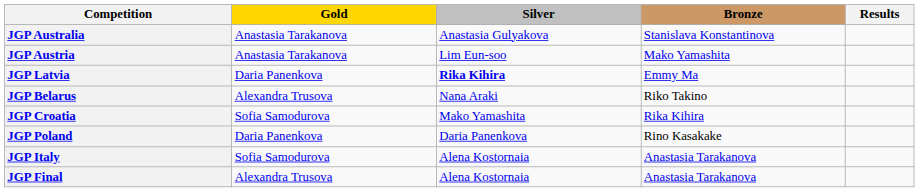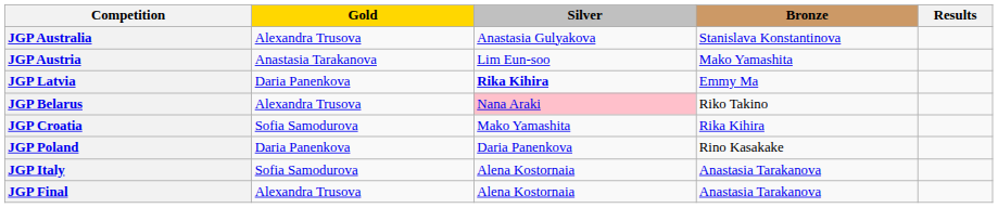 <table class="wikitable unsortable" style="text-align:left; width:90%">
 <tr>
 <th scope="col" style="text-align:center; width:25%;">Competition</th>
 <td scope="col" style="text-align:center; width:22.5%; background:gold"><strong>Gold</strong></td>
 <td scope="col" style="text-align:center; width:22.5%; background:silver"><strong>Silver</strong></td>
 <td scope="col" style="text-align:center; width:22.5%; background:#c96"><strong>Bronze</strong></td>
 <th scope="col" style="text-align:center; width:7.5%;">Results</th>
 </tr>
 <tr>
 <th scope="row" style="text-align:left"> <a href='#'>JGP Australia</a></th>
-<td> <a href='#'>Anastasia Tarakanova</a></td>
+<td> <a href='#'>Alexandra Trusova</a></td>
 <td> <a href='#'>Anastasia Gulyakova</a></td>
 <td> <a href='#'>Stanislava Konstantinova</a></td>
 <td></td>
 </tr>
 <tr>
 <th scope="row" style="text-align:left"> <a href='#'>JGP Austria</a></th>
 <td> <a href='#'>Anastasia Tarakanova</a></td>
 <td> <a href='#'>Lim Eun-soo</a></td>
 <td> <a href='#'>Mako Yamashita</a></td>
 <td></td>
 </tr>
 <tr>
 <th scope="row" style="text-align:left"> <a href='#'>JGP Latvia</a></th>
 <td> <a href='#'>Daria Panenkova</a></td>
 <td><strong> <a href='#'>Rika Kihira</a></strong></td>
 <td> <a href='#'>Emmy Ma</a></td>
 <td></td>
 </tr>
 <tr>
 <th scope="row" style="text-align:left"> <a href='#'>JGP Belarus</a></th>
 <td> <a href='#'>Alexandra Trusova</a></td>
-<td> <a href='#'>Nana Araki</a></td>
+<td style="background: pink;"> <a href='#'>Nana Araki</a></td>
 <td> Riko Takino</td>
 <td></td>
 </tr>
 <tr>
 <th scope="row" style="text-align:left"> <a href='#'>JGP Croatia</a></th>
 <td> <a href='#'>Sofia Samodurova</a></td>
 <td> <a href='#'>Mako Yamashita</a></td>
 <td> <a href='#'>Rika Kihira</a></td>
 <td></td>
 </tr>
 <tr>
 <th scope="row" style="text-align:left"> <a href='#'>JGP Poland</a></th>
 <td> <a href='#'>Daria Panenkova</a></td>
 <td> <a href='#'>Daria Panenkova</a></td>
 <td> Rino Kasakake</td>
 <td></td>
 </tr>
 <tr>
 <th scope="row" style="text-align:left"> <a href='#'>JGP Italy</a></th>
 <td> <a href='#'>Sofia Samodurova</a></td>
 <td> <a href='#'>Alena Kostornaia</a></td>
 <td> <a href='#'>Anastasia Tarakanova</a></td>
 <td></td>
 </tr>
 <tr>
 <th scope="row" style="text-align:left"> <a href='#'>JGP Final</a></th>
 <td> <a href='#'>Alexandra Trusova</a></td>
 <td> <a href='#'>Alena Kostornaia</a></td>
 <td> <a href='#'>Anastasia Tarakanova</a></td>
 <td></td>
 </tr>
 </table>
